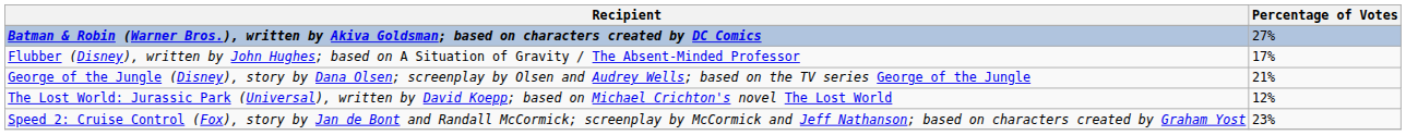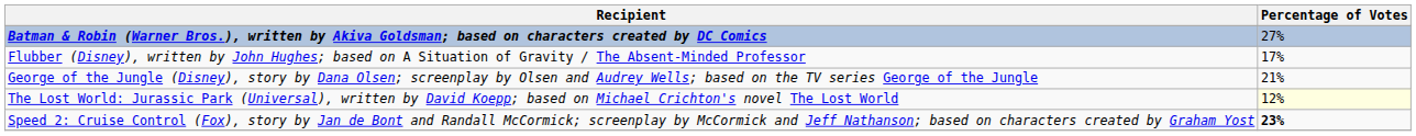 <table class="wikitable sortable plainrowheaders">
 <tr>
 <th>Recipient</th>
 <th>Percentage of Votes</th>
 </tr>
 <tr>
 </tr>
 <tr style="background:#B0C4DE;">
 <td><strong><em><a href='#'>Batman & Robin</a><em> (<a href='#'>Warner Bros.</a>), written by <a href='#'>Akiva Goldsman</a>; based on characters created by <a href='#'>DC Comics</a><strong></td>
 <td></strong>27%<strong></td>
 </tr>
 <tr>
 <td></em><a href='#'>Flubber</a><em> (<a href='#'>Disney</a>), written by <a href='#'>John Hughes</a>; based on </em>A Situation of Gravity<em> / </em><a href='#'>The Absent-Minded Professor</a><em></td>
 <td>17%</td>
 </tr>
 <tr>
 <td></em><a href='#'>George of the Jungle</a><em> (<a href='#'>Disney</a>), story by <a href='#'>Dana Olsen</a>; screenplay by Olsen and <a href='#'>Audrey Wells</a>; based on the TV series </em><a href='#'>George of the Jungle</a><em></td>
 <td>21%</td>
 </tr>
 <tr>
 <td></em><a href='#'>The Lost World: Jurassic Park</a><em> (<a href='#'>Universal</a>), written by <a href='#'>David Koepp</a>; based on <a href='#'>Michael Crichton's</a> novel </em><a href='#'>The Lost World</a><em></td>
-<td>12%</td>
+<td style="background: lightyellow;">12%</td>
 </tr>
 <tr>
 <td></em><a href='#'>Speed 2: Cruise Control</a><em> (<a href='#'>Fox</a>), story by <a href='#'>Jan de Bont</a> and Randall McCormick; screenplay by McCormick and <a href='#'>Jeff Nathanson</a>; based on characters created by <a href='#'>Graham Yost</a></td>
-<td>23%</td>
+<td><strong>23%</strong></td>
 </tr>
 <tr>
 </tr>
 </table>
